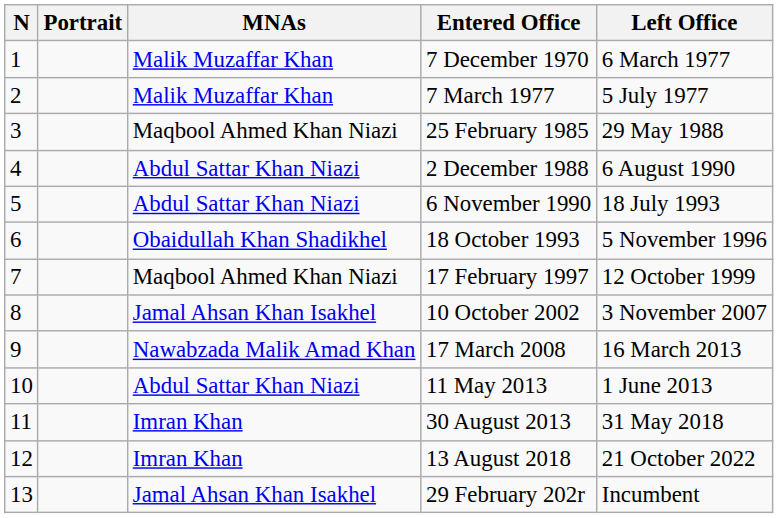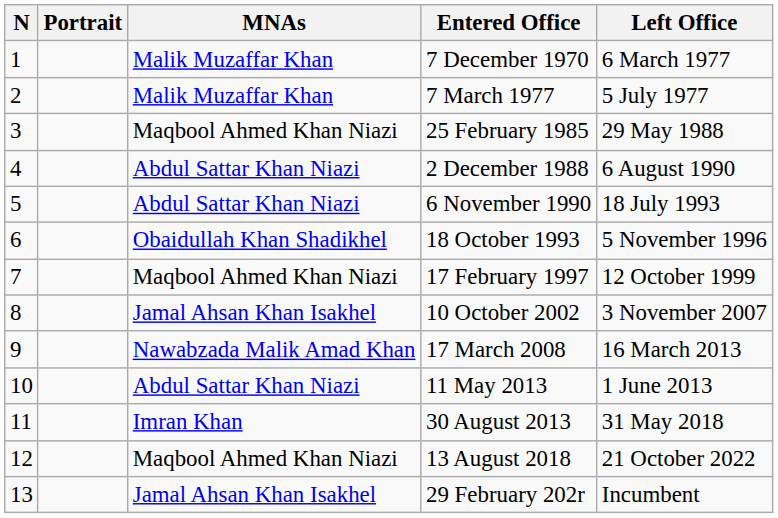 <table class="wikitable">
 <tr>
 <th>N</th>
 <th>Portrait</th>
 <th align=center>MNAs</th>
 <th align=center>Entered Office</th>
 <th align=center>Left Office</th>
 </tr>
 <tr>
 <td>1</td>
 <td></td>
 <td><a href='#'>Malik Muzaffar Khan</a></td>
 <td>7 December 1970</td>
 <td>6 March 1977</td>
 </tr>
 <tr>
 <td>2</td>
 <td></td>
 <td><a href='#'>Malik Muzaffar Khan</a></td>
 <td>7 March 1977</td>
 <td>5 July 1977</td>
 </tr>
 <tr>
 <td>3</td>
 <td></td>
 <td>Maqbool Ahmed Khan Niazi</td>
 <td>25 February 1985</td>
 <td>29 May 1988</td>
 </tr>
 <tr>
 <td>4</td>
 <td></td>
 <td><a href='#'>Abdul Sattar Khan Niazi</a></td>
 <td>2 December 1988</td>
 <td>6 August 1990</td>
 </tr>
 <tr>
 <td>5</td>
 <td></td>
 <td><a href='#'>Abdul Sattar Khan Niazi</a></td>
 <td>6 November 1990</td>
 <td>18 July 1993</td>
 </tr>
 <tr>
 <td>6</td>
 <td></td>
 <td><a href='#'>Obaidullah Khan Shadikhel</a></td>
 <td>18 October 1993</td>
 <td>5 November 1996</td>
 </tr>
 <tr>
 <td>7</td>
 <td></td>
 <td>Maqbool Ahmed Khan Niazi</td>
 <td>17 February 1997</td>
 <td>12 October 1999</td>
 </tr>
 <tr>
 <td>8</td>
 <td></td>
 <td><a href='#'>Jamal Ahsan Khan Isakhel</a></td>
 <td>10 October 2002</td>
 <td>3 November 2007</td>
 </tr>
 <tr>
 <td>9</td>
 <td></td>
 <td><a href='#'>Nawabzada Malik Amad Khan</a></td>
 <td>17 March 2008</td>
 <td>16 March 2013</td>
 </tr>
 <tr>
 <td>10</td>
 <td></td>
 <td><a href='#'>Abdul Sattar Khan Niazi</a></td>
 <td>11 May 2013</td>
 <td>1 June 2013</td>
 </tr>
 <tr>
 <td>11</td>
 <td></td>
 <td><a href='#'>Imran Khan</a></td>
 <td>30 August 2013</td>
 <td>31 May 2018</td>
 </tr>
 <tr>
 <td>12</td>
 <td></td>
-<td><a href='#'>Imran Khan</a></td>
+<td>Maqbool Ahmed Khan Niazi</td>
 <td>13 August 2018</td>
 <td>21 October 2022</td>
 </tr>
 <tr>
 <td>13</td>
 <td></td>
 <td><a href='#'>Jamal Ahsan Khan Isakhel</a></td>
 <td>29 February 202r</td>
 <td>Incumbent</td>
 </tr>
 </table>
